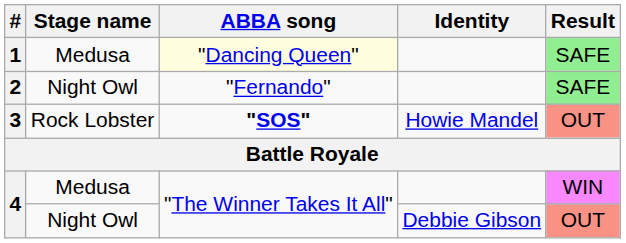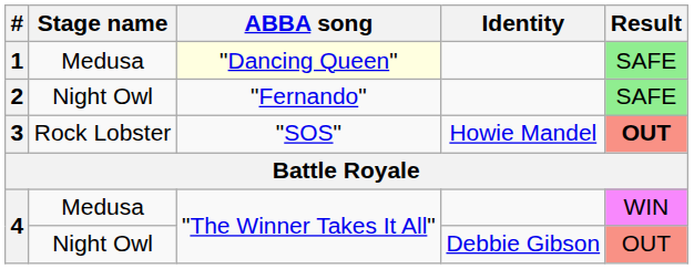 <table class="wikitable plainrowheaders" style="text-align: center;">
 <tr>
 <th>#</th>
 <th>Stage name</th>
 <th><a href='#'>ABBA</a> song</th>
 <th>Identity</th>
 <th>Result</th>
 </tr>
 <tr>
 <th>1</th>
 <td>Medusa</td>
 <td style="background: lightyellow;">"<a href='#'>Dancing Queen</a>"</td>
 <td></td>
 <td bgcolor=lightgreen>SAFE</td>
 </tr>
 <tr>
 <th>2</th>
 <td>Night Owl</td>
 <td>"<a href='#'>Fernando</a>"</td>
 <td></td>
 <td bgcolor=lightgreen>SAFE</td>
 </tr>
 <tr>
 <th>3</th>
 <td>Rock Lobster</td>
-<td><strong>"<a href='#'>SOS</a>"</strong></td>
+<td>"<a href='#'>SOS</a>"</td>
 <td><a href='#'>Howie Mandel</a></td>
-<td bgcolor=#F99185>OUT</td>
+<td bgcolor=#F99185><strong>OUT</strong></td>
 </tr>
 <tr>
 <th colspan=5>Battle Royale</th>
 </tr>
 <tr>
 <th rowspan=2>4</th>
 <td>Medusa</td>
 <td rowspan=2>"<a href='#'>The Winner Takes It All</a>"</td>
 <td></td>
 <td bgcolor="#F888FD">WIN</td>
 </tr>
 <tr>
 <td>Night Owl</td>
 <td><a href='#'>Debbie Gibson</a></td>
 <td bgcolor=#F99185>OUT</td>
 </tr>
 </table>
